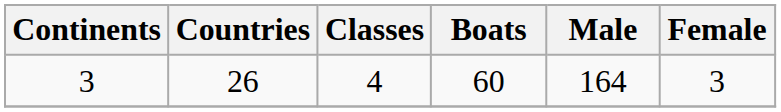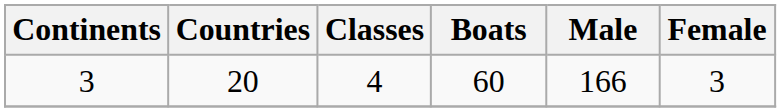 <table class="wikitable">
 <tr>
 <th width=50>Continents</th>
 <th width=50>Countries</th>
 <th width=50>Classes</th>
 <th width=50>Boats</th>
 <th width=50>Male</th>
 <th width=50>Female</th>
 </tr>
 <tr>
 <td align="center">3</td>
-<td align="center">26</td>
+<td align="center">20</td>
 <td align="center">4</td>
 <td align="center">60</td>
-<td align="center">164</td>
+<td align="center">166</td>
 <td align="center">3</td>
 </tr>
 <tr>
 </tr>
 </table>
